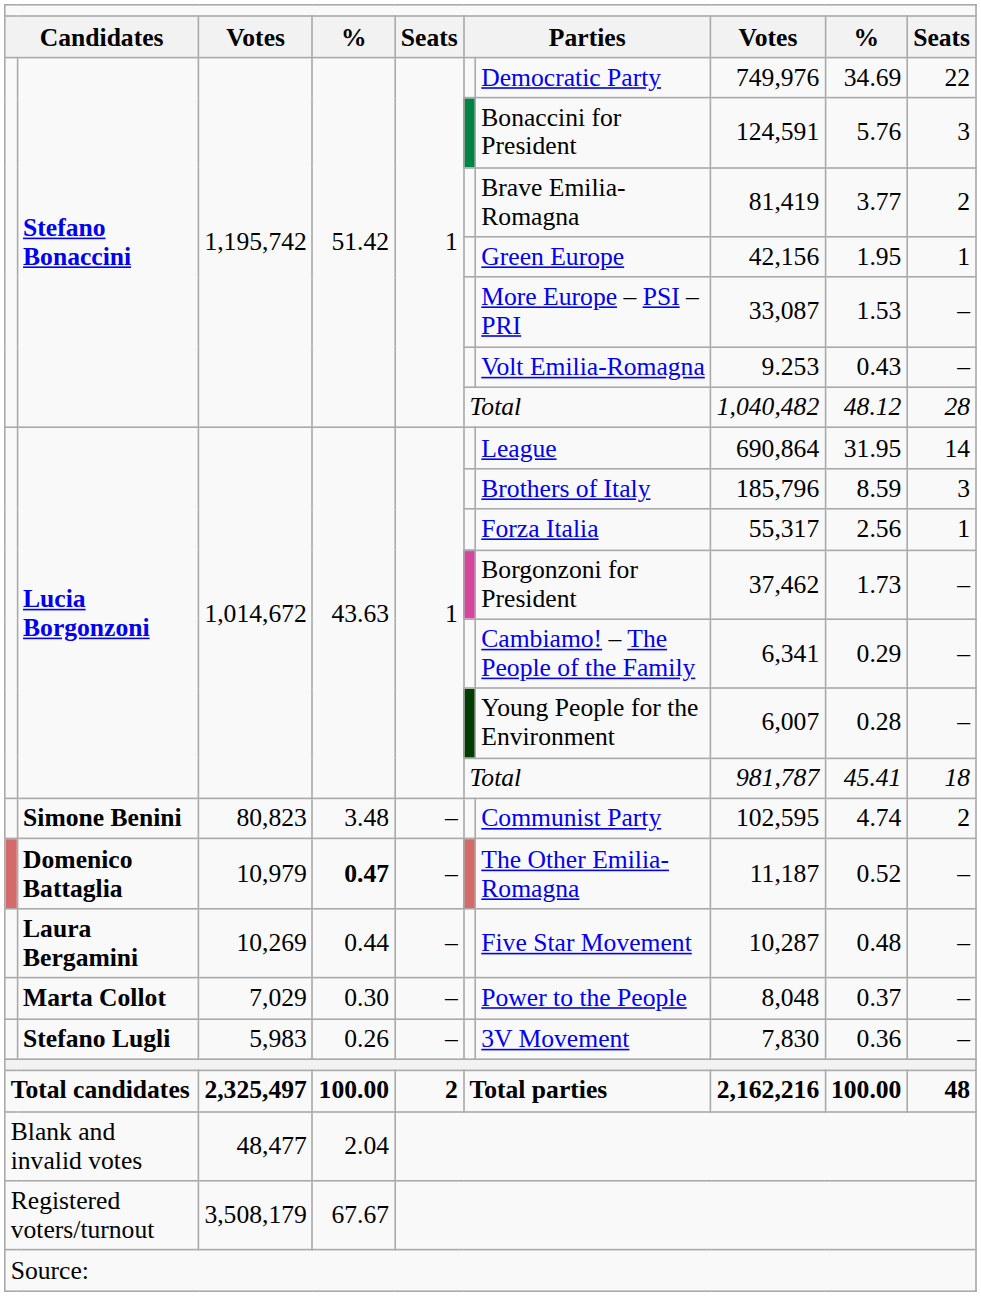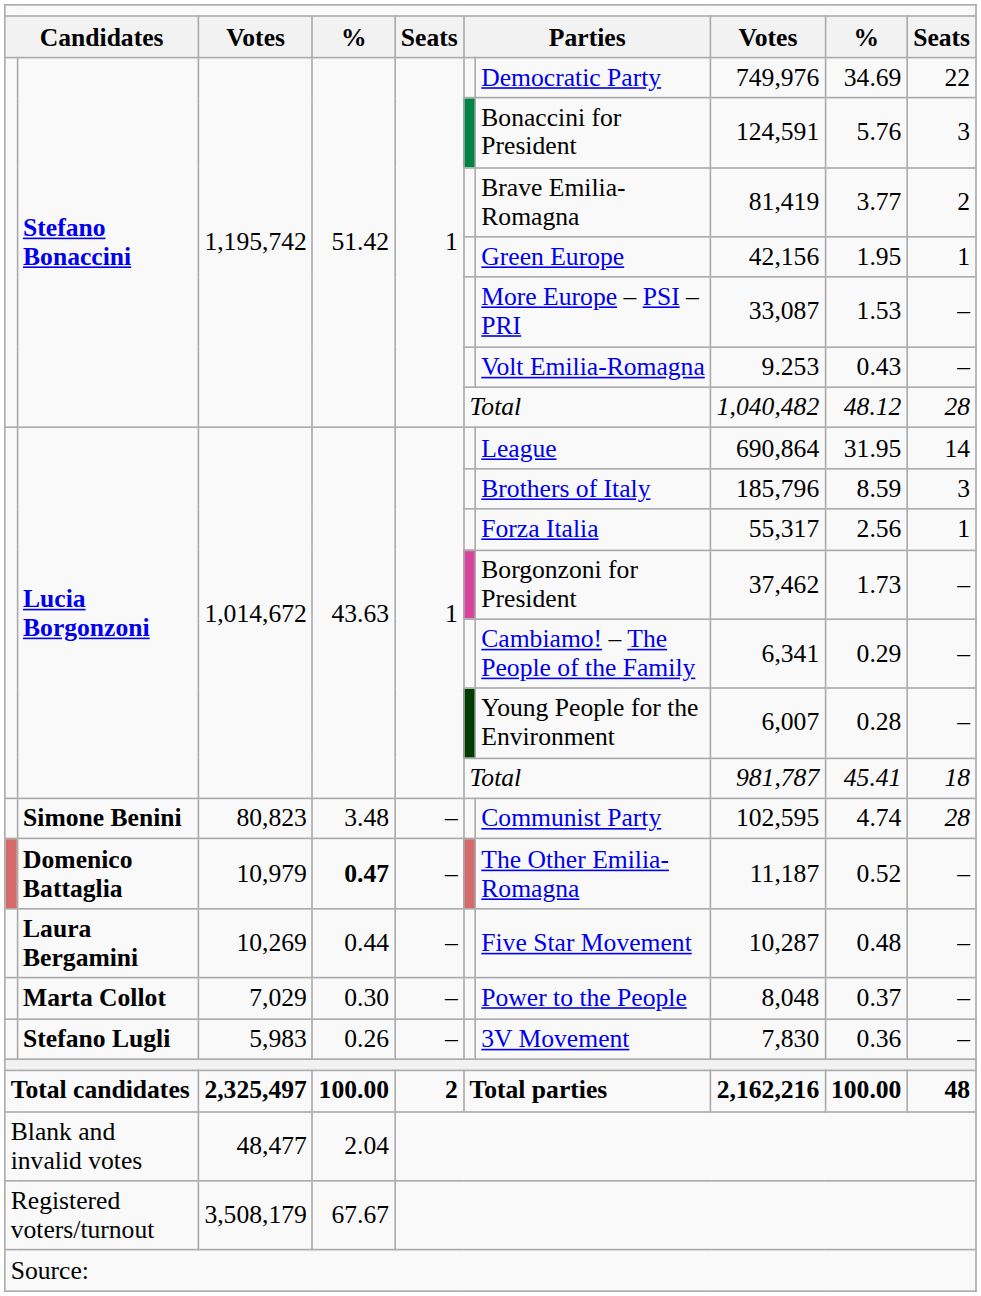 <table class="wikitable">
 <tr>
 <td colspan="10"></td>
 </tr>
 <tr>
 <th colspan=2>Candidates</th>
 <th>Votes</th>
 <th>%</th>
 <th>Seats</th>
 <th colspan=2>Parties</th>
 <th>Votes</th>
 <th>%</th>
 <th>Seats</th>
 </tr>
 <tr>
 <td rowspan=7></td>
 <td rowspan=7><strong><a href='#'>Stefano Bonaccini</a></strong></td>
 <td rowspan="7" align=right>1,195,742</td>
 <td rowspan="7" align=right>51.42</td>
 <td rowspan="7" align=right>1</td>
 <td></td>
 <td><a href='#'>Democratic Party</a></td>
 <td align=right>749,976</td>
 <td align=right>34.69</td>
 <td align=right>22</td>
 </tr>
 <tr>
 <td bgcolor="#008445"></td>
 <td>Bonaccini for President</td>
 <td align=right>124,591</td>
 <td align=right>5.76</td>
 <td align=right>3</td>
 </tr>
 <tr>
 <td></td>
 <td>Brave Emilia-Romagna</td>
 <td align=right>81,419</td>
 <td align=right>3.77</td>
 <td align=right>2</td>
 </tr>
 <tr>
 <td style="background-color:"></td>
 <td><a href='#'>Green Europe</a></td>
 <td align=right>42,156</td>
 <td align=right>1.95</td>
 <td align=right>1</td>
 </tr>
 <tr>
 <td></td>
 <td><a href='#'>More Europe</a> – <a href='#'>PSI</a> – <a href='#'>PRI</a></td>
 <td align=right>33,087</td>
 <td align=right>1.53</td>
 <td align=right>–</td>
 </tr>
 <tr>
 <td></td>
 <td><a href='#'>Volt Emilia-Romagna</a></td>
 <td align=right>9.253</td>
 <td align=right>0.43</td>
 <td align=right>–</td>
 </tr>
 <tr>
 <td colspan=2><em>Total</em></td>
 <td align=right><em>1,040,482</em></td>
 <td align=right><em>48.12</em></td>
 <td align=right><em>28</em></td>
 </tr>
 <tr>
 <td rowspan=7></td>
 <td rowspan=7><strong><a href='#'>Lucia Borgonzoni</a></strong></td>
 <td rowspan="7" align=right>1,014,672</td>
 <td rowspan="7" align=right>43.63</td>
 <td rowspan="7" align=right>1</td>
 <td></td>
 <td><a href='#'>League</a></td>
 <td align=right>690,864</td>
 <td align=right>31.95</td>
 <td align=right>14</td>
 </tr>
 <tr>
 <td></td>
 <td><a href='#'>Brothers of Italy</a></td>
 <td align=right>185,796</td>
 <td align=right>8.59</td>
 <td align=right>3</td>
 </tr>
 <tr>
 <td></td>
 <td><a href='#'>Forza Italia</a></td>
 <td align=right>55,317</td>
 <td align=right>2.56</td>
 <td align=right>1</td>
 </tr>
 <tr>
 <td bgcolor="#D9449C"></td>
 <td>Borgonzoni for President</td>
 <td align=right>37,462</td>
 <td align=right>1.73</td>
 <td align=right>–</td>
 </tr>
 <tr>
 <td></td>
 <td><a href='#'>Cambiamo!</a> – <a href='#'>The People of the Family</a></td>
 <td align=right>6,341</td>
 <td align=right>0.29</td>
 <td align=right>–</td>
 </tr>
 <tr>
 <td bgcolor="#023C00"></td>
 <td style="text-align:left;">Young People for the Environment</td>
 <td align=right>6,007</td>
 <td align=right>0.28</td>
 <td align=right>–</td>
 </tr>
 <tr>
 <td colspan=2><em>Total</em></td>
 <td align=right><em>981,787</em></td>
 <td align=right><em>45.41</em></td>
 <td align=right><em>18</em></td>
 </tr>
 <tr>
 <td></td>
 <td><strong>Simone Benini</strong></td>
 <td align=right>80,823</td>
 <td align=right>3.48</td>
 <td align=right>–</td>
 <td></td>
 <td><a href='#'>Communist Party</a></td>
 <td align=right>102,595</td>
 <td align=right>4.74</td>
-<td align=right>2</td>
+<td align=right><em>28</em></td>
 </tr>
 <tr>
 <td bgcolor="#D56A6A"></td>
 <td><strong>Domenico Battaglia</strong></td>
 <td align="right">10,979</td>
 <td align="right"><strong>0.47</strong></td>
 <td align="right">–</td>
 <td bgcolor="#D56A6A"></td>
 <td><a href='#'>The Other Emilia-Romagna</a></td>
 <td align="right">11,187</td>
 <td align="right">0.52</td>
 <td align="right">–</td>
 </tr>
 <tr>
 <td style="background-color:"></td>
 <td><strong>Laura Bergamini</strong></td>
 <td align="right">10,269</td>
 <td align="right">0.44</td>
 <td align="right">–</td>
 <td style="background-color:"></td>
 <td><a href='#'>Five Star Movement</a></td>
 <td align="right">10,287</td>
 <td align="right">0.48</td>
 <td align="right">–</td>
 </tr>
 <tr>
 <td></td>
 <td><strong>Marta Collot</strong></td>
 <td align=right>7,029</td>
 <td align=right>0.30</td>
 <td align=right>–</td>
 <td></td>
 <td><a href='#'>Power to the People</a></td>
 <td align=right>8,048</td>
 <td align=right>0.37</td>
 <td align=right>–</td>
 </tr>
 <tr>
 <td style="background-color:"></td>
 <td><strong>Stefano Lugli</strong></td>
 <td align=right>5,983</td>
 <td align=right>0.26</td>
 <td align=right>–</td>
 <td style="background-color:"></td>
 <td><a href='#'>3V Movement</a></td>
 <td align=right>7,830</td>
 <td align=right>0.36</td>
 <td align=right>–</td>
 </tr>
 <tr>
 <th colspan=10></th>
 </tr>
 <tr>
 <td colspan=2><strong>Total candidates</strong></td>
 <td align=right><strong>2,325,497</strong></td>
 <td align=right><strong>100.00</strong></td>
 <td align=right><strong>2</strong></td>
 <td colspan=2><strong>Total parties</strong></td>
 <td align=right><strong>2,162,216</strong></td>
 <td align=right><strong>100.00</strong></td>
 <td align=right><strong>48</strong></td>
 </tr>
 <tr>
 <td colspan=2>Blank and invalid votes</td>
 <td align=right>48,477</td>
 <td align=right>2.04</td>
 <td colspan=6></td>
 </tr>
 <tr>
 <td colspan=2>Registered voters/turnout</td>
 <td align=right>3,508,179</td>
 <td align=right>67.67</td>
 <td colspan=6></td>
 </tr>
 <tr>
 <td colspan=10>Source: </td>
 </tr>
 </table>
